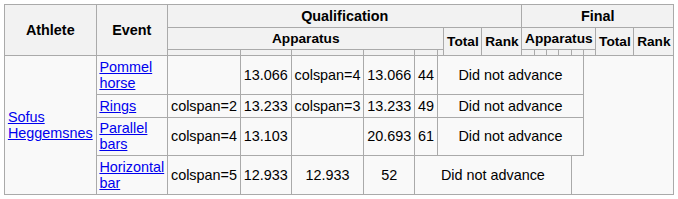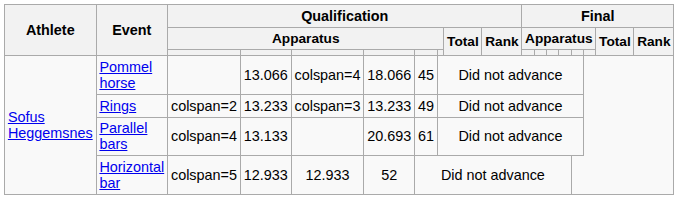 <table class=wikitable style=font-size:90%;text-align:center>
 <tr>
 <th rowspan=3>Athlete</th>
 <th rowspan=3>Event</th>
 <th colspan =8>Qualification</th>
 <th colspan =8>Final</th>
 </tr>
 <tr style=font-size:95%>
 <th colspan=6>Apparatus</th>
 <th rowspan=2>Total</th>
 <th rowspan=2>Rank</th>
 <th colspan=6>Apparatus</th>
 <th rowspan=2>Total</th>
 <th rowspan=2>Rank</th>
 </tr>
 <tr style=font-size:95%>
 <th></th>
 <th></th>
 <th></th>
 <th></th>
 <th></th>
 <th></th>
 <th></th>
 <th></th>
 <th></th>
 <th></th>
 <th></th>
 <th></th>
 </tr>
 <tr>
 <td align=left rowspan=4><a href='#'>Sofus Heggemsnes</a></td>
 <td align=left><a href='#'>Pommel horse</a></td>
 <td></td>
 <td>13.066</td>
 <td>colspan=4 </td>
-<td>13.066</td>
-<td>44</td>
+<td>18.066</td>
+<td>45</td>
 <td colspan=8>Did not advance</td>
 </tr>
 <tr>
 <td align=left><a href='#'>Rings</a></td>
 <td>colspan=2 </td>
 <td>13.233</td>
 <td>colspan=3 </td>
 <td>13.233</td>
 <td>49</td>
 <td colspan=8>Did not advance</td>
 </tr>
 <tr>
 <td align=left><a href='#'>Parallel bars</a></td>
 <td>colspan=4 </td>
-<td>13.103</td>
+<td>13.133</td>
 <td></td>
 <td>20.693</td>
 <td>61</td>
 <td colspan=8>Did not advance</td>
 </tr>
 <tr>
 <td align=left><a href='#'>Horizontal bar</a></td>
 <td>colspan=5 </td>
 <td>12.933</td>
 <td>12.933</td>
 <td>52</td>
 <td colspan=8>Did not advance</td>
 </tr>
 </table>
